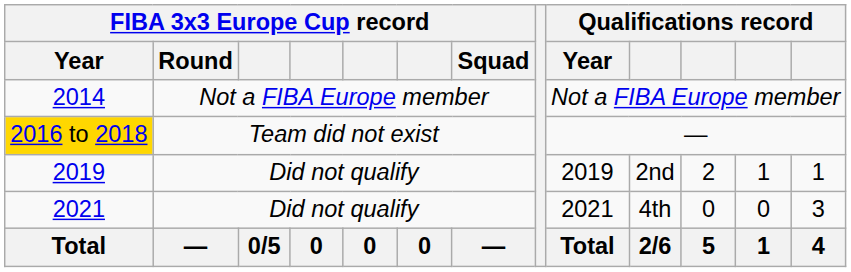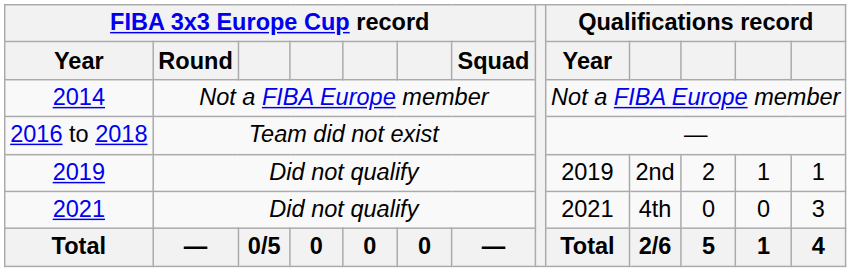 <table class="wikitable" style="text-align: center;">
 <tr>
 <th colspan="7"><a href='#'>FIBA 3x3 Europe Cup</a> record</th>
 <th rowspan="8"></th>
 <th colspan="5">Qualifications record</th>
 </tr>
 <tr>
 <th>Year</th>
 <th>Round</th>
 <th width="28"></th>
 <th width="28"></th>
 <th width="30"></th>
 <th width="30"></th>
 <th width="30">Squad</th>
 <th>Year</th>
 <th width="28"></th>
 <th width="30"></th>
 <th width="30"></th>
 <th width="30"></th>
 </tr>
 <tr>
 <td> <a href='#'>2014</a></td>
 <td colspan="6"><em>Not a <a href='#'>FIBA Europe</a> member</em></td>
 <td colspan="5"><em>Not a <a href='#'>FIBA Europe</a> member</em></td>
 </tr>
 <tr>
-<td style="background: gold;"> <a href='#'>2016</a> to  <a href='#'>2018</a></td>
+<td> <a href='#'>2016</a> to  <a href='#'>2018</a></td>
 <td colspan="6"><em>Team did not exist</em></td>
 <td colspan="5">—</td>
 </tr>
 <tr>
 <td> <a href='#'>2019</a></td>
 <td colspan="6"><em>Did not qualify</em></td>
 <td> 2019</td>
 <td>2nd</td>
 <td>2</td>
 <td>1</td>
 <td>1</td>
 </tr>
 <tr>
 <td> <a href='#'>2021</a></td>
 <td colspan="6"><em>Did not qualify</em></td>
 <td> 2021</td>
 <td>4th</td>
 <td>0</td>
 <td>0</td>
 <td>3</td>
 </tr>
 <tr>
 <th>Total</th>
 <th>—</th>
 <th>0/5</th>
 <th>0</th>
 <th>0</th>
 <th>0</th>
 <th>—</th>
 <th>Total</th>
 <th>2/6</th>
 <th>5</th>
 <th>1</th>
 <th>4</th>
 </tr>
 </table>
